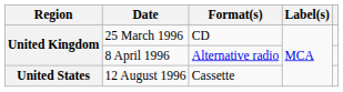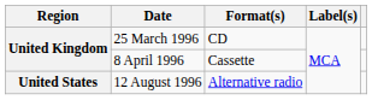 <table class="wikitable plainrowheaders">
 <tr>
 <th scope="col">Region</th>
 <th scope="col">Date</th>
 <th scope="col">Format(s)</th>
 <th scope="col">Label(s)</th>
 <th scope="col"></th>
 </tr>
 <tr>
 <th scope="row" rowspan="2">United Kingdom</th>
 <td>25 March 1996</td>
 <td>CD</td>
 <td rowspan="3"><a href='#'>MCA</a></td>
 <td></td>
 </tr>
 <tr>
 <td>8 April 1996</td>
-<td><a href='#'>Alternative radio</a></td>
+<td>Cassette</td>
 <td></td>
 </tr>
 <tr>
 <th scope="row">United States</th>
 <td>12 August 1996</td>
-<td>Cassette</td>
+<td><a href='#'>Alternative radio</a></td>
 <td></td>
 </tr>
 </table>
